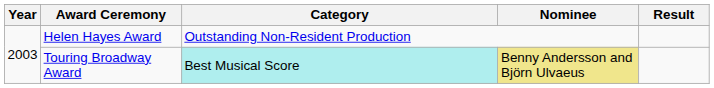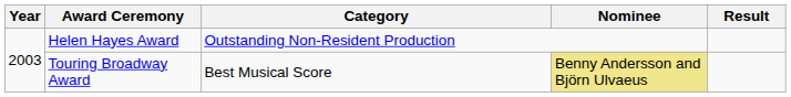 <table class="wikitable" style="width:95%;">
 <tr>
 <th style="width:5%;">Year</th>
 <th style="width:20%;">Award Ceremony</th>
 <th style="width:45%;">Category</th>
 <th style="width:20%;">Nominee</th>
 <th style="width:10%;">Result</th>
 </tr>
 <tr>
 <td rowspan="2" style="text-align:center;">2003</td>
 <td><a href='#'>Helen Hayes Award</a></td>
 <td colspan="2"><a href='#'>Outstanding Non-Resident Production</a></td>
 <td></td>
 </tr>
 <tr>
 <td><a href='#'>Touring Broadway Award</a></td>
-<td style="background: paleturquoise;">Best Musical Score</td>
+<td>Best Musical Score</td>
 <td style="background: khaki;">Benny Andersson and Björn Ulvaeus</td>
 <td></td>
 </tr>
 </table>
